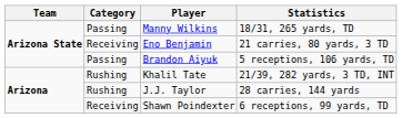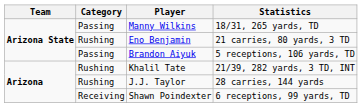 <table class="wikitable" style="float: right;">
 <tr>
 <th>Team</th>
 <th>Category</th>
 <th>Player</th>
 <th>Statistics</th>
 </tr>
 <tr>
 <td rowspan=3><strong>Arizona State</strong></td>
 <td>Passing</td>
 <td><a href='#'>Manny Wilkins</a></td>
 <td>18/31, 265 yards, TD</td>
 </tr>
 <tr>
-<td>Receiving</td>
+<td>Rushing</td>
 <td><a href='#'>Eno Benjamin</a></td>
 <td>21 carries, 80 yards, 3 TD</td>
 </tr>
 <tr>
 <td>Passing</td>
 <td><a href='#'>Brandon Aiyuk</a></td>
 <td>5 receptions, 106 yards, TD</td>
 </tr>
 <tr>
 <td rowspan=3><strong>Arizona</strong></td>
 <td>Rushing</td>
 <td>Khalil Tate</td>
 <td>21/39, 282 yards, 3 TD, INT</td>
 </tr>
 <tr>
 <td>Rushing</td>
 <td>J.J. Taylor</td>
 <td>28 carries, 144 yards</td>
 </tr>
 <tr>
 <td>Receiving</td>
 <td>Shawn Poindexter</td>
 <td>6 receptions, 99 yards, TD</td>
 </tr>
 </table>
